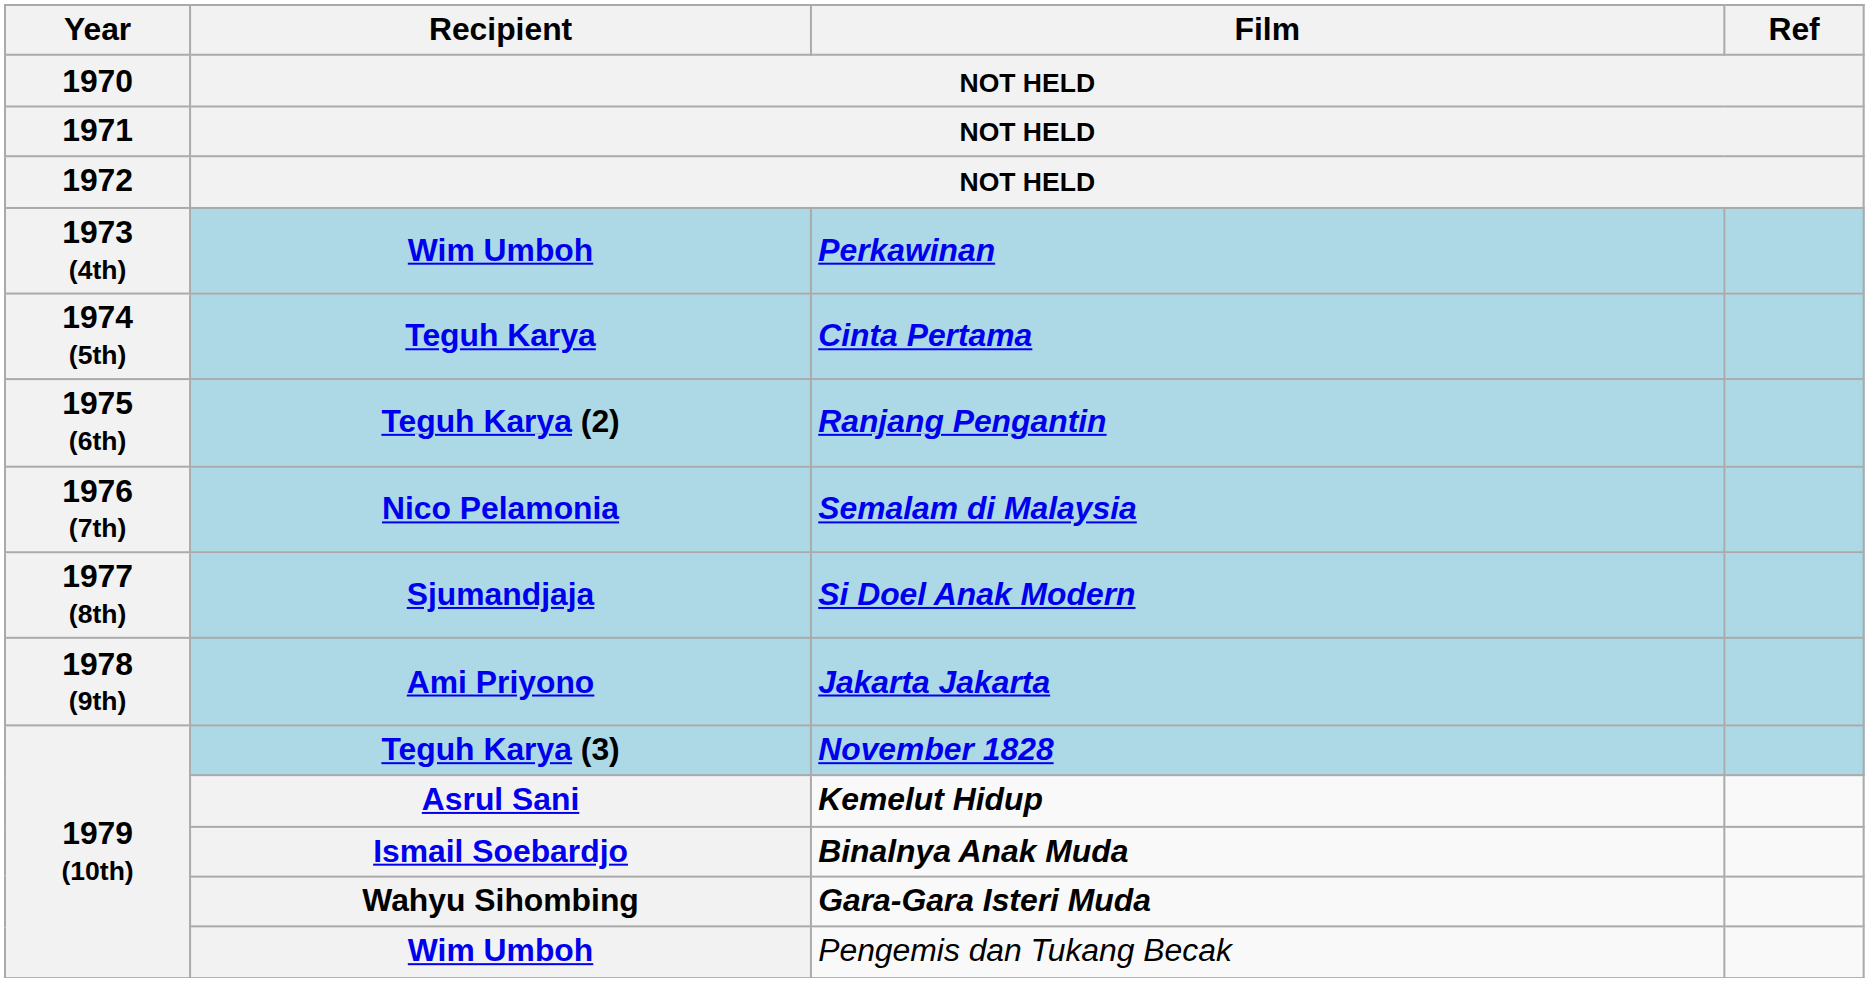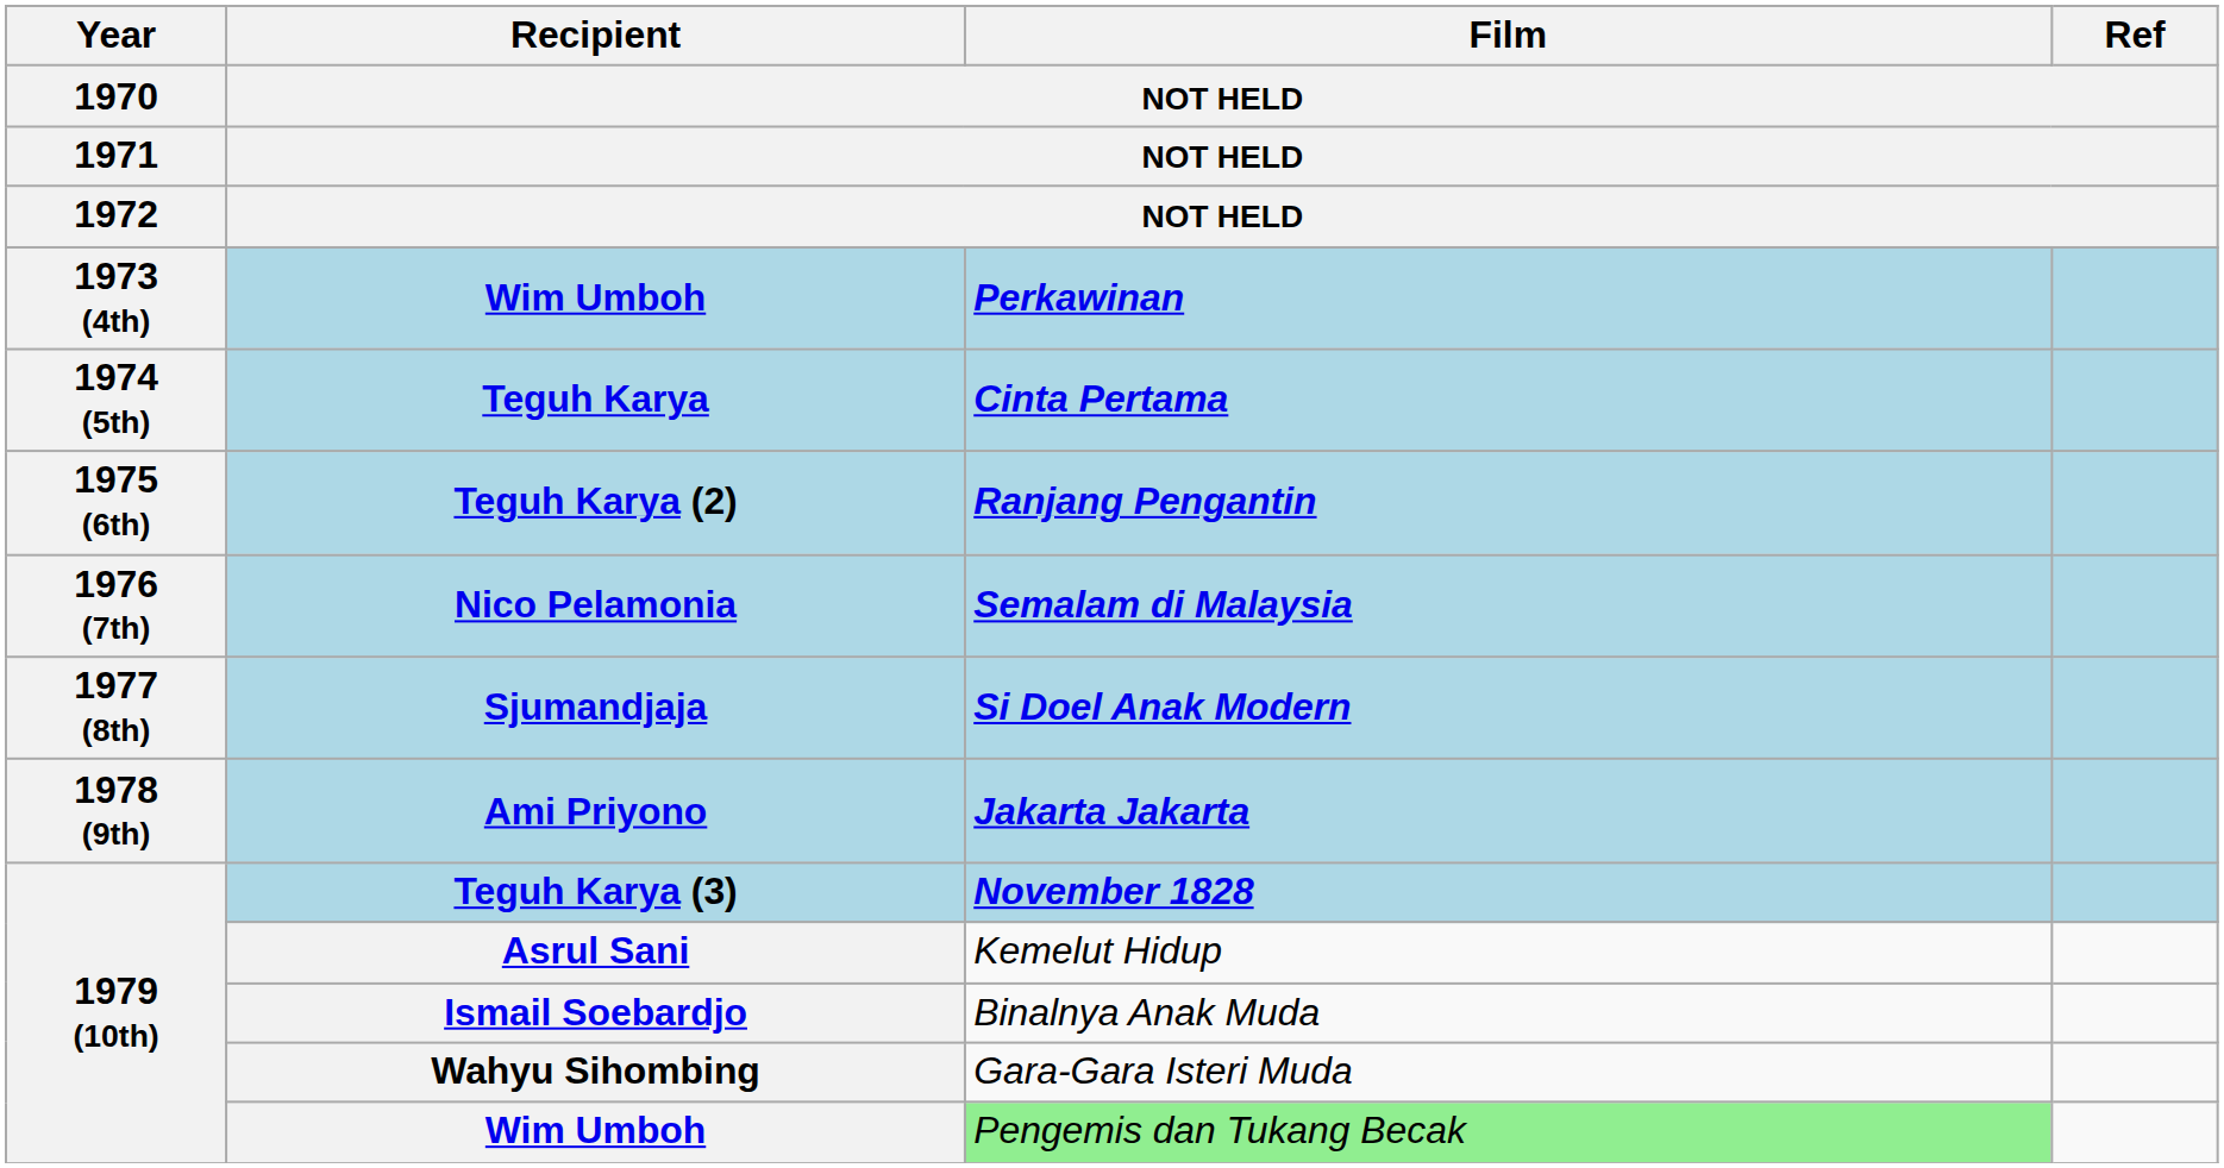 <table class="wikitable plainrowheaders sortable" style="width: 74%">
 <tr>
 <th scope="col">Year</th>
 <th scope="col">Recipient</th>
 <th scope="col">Film</th>
 <th scope="col" class="unsortable">Ref</th>
 </tr>
 <tr>
 <th scope="row" style="text-align:center;">1970</th>
 <th colspan="3" scope="row"><small>NOT HELD</small></th>
 </tr>
 <tr>
 <th scope="row" style="text-align:center;">1971</th>
 <th colspan="3" scope="row"><small>NOT HELD</small></th>
 </tr>
 <tr>
 <th scope="row" style="text-align:center;">1972</th>
 <th colspan="3" scope="row"><small>NOT HELD</small></th>
 </tr>
 <tr>
 <th scope="row" style="text-align:center;"><strong>1973</strong><br><small>(4th)</small></th>
 <th scope="row" style="background:lightblue;"><strong><a href='#'>Wim Umboh</a></strong></th>
 <td style="background:lightblue;"><strong><em><a href='#'>Perkawinan</a></em></strong></td>
 <td style="background:lightblue;"><strong></strong></td>
 </tr>
 <tr>
 <th scope="row" style="text-align:center;"><strong>1974</strong><br><small>(5th)</small></th>
 <th scope="row" style="background:lightblue;"><strong><a href='#'>Teguh Karya</a></strong></th>
 <td style="background:lightblue;"><em><a href='#'><strong>Cinta Pertama</strong></a></em></td>
 <td style="background:lightblue;"><strong></strong></td>
 </tr>
 <tr>
 <th scope="row" style="text-align:center;"><strong>1975</strong><br><small>(6th)</small></th>
 <th scope="row" style="background:lightblue;"><strong><a href='#'>Teguh Karya</a> (2)</strong></th>
 <td style="background:lightblue;"><strong><em><a href='#'>Ranjang Pengantin</a></em></strong></td>
 <td style="background:lightblue;"><strong></strong></td>
 </tr>
 <tr>
 <th scope="row" style="text-align:center;"><strong>1976</strong><br><small>(7th)</small></th>
 <th scope="row" style="background:lightblue;"><strong><a href='#'>Nico Pelamonia</a></strong></th>
 <td style="background:lightblue;"><strong><em><a href='#'>Semalam di Malaysia</a></em></strong></td>
 <td style="background:lightblue;"><strong></strong></td>
 </tr>
 <tr>
 <th scope="row" style="text-align:center;"><strong>1977</strong><br><small>(8th)</small></th>
 <th scope="row" style="background:lightblue;"><strong><a href='#'>Sjumandjaja</a></strong></th>
 <td style="background:lightblue;"><strong><em><a href='#'>Si Doel Anak Modern</a></em></strong></td>
 <td style="background:lightblue;"><strong></strong></td>
 </tr>
 <tr>
 <th scope="row" style="text-align:center;"><strong>1978</strong><br><small>(9th)</small></th>
 <th scope="row" style="background:lightblue;"><strong><a href='#'>Ami Priyono</a></strong></th>
 <td style="background:lightblue;"><strong><em><a href='#'>Jakarta Jakarta</a></em></strong></td>
 <td style="background:lightblue;"><strong></strong></td>
 </tr>
 <tr>
 <th scope="row" rowspan="5" style="text-align:center;"><strong>1979</strong><br><small>(10th)</small></th>
 <th scope="row" style="background:lightblue;"><strong><a href='#'>Teguh Karya</a> (3)</strong></th>
 <td style="background:lightblue;"><strong><em><a href='#'>November 1828</a></em></strong></td>
 <td style="background:lightblue;"><strong></strong></td>
 </tr>
 <tr>
 <th scope="row"><a href='#'>Asrul Sani</a></th>
-<td><strong><em>Kemelut Hidup</em></strong></td>
+<td><em>Kemelut Hidup</em></td>
 <td></td>
 </tr>
 <tr>
 <th scope="row"><a href='#'>Ismail Soebardjo</a></th>
-<td><strong><em>Binalnya Anak Muda</em></strong></td>
+<td><em>Binalnya Anak Muda</em></td>
 <td></td>
 </tr>
 <tr>
 <th scope="row">Wahyu Sihombing</th>
-<td><strong><em>Gara-Gara Isteri Muda</em></strong></td>
+<td><em>Gara-Gara Isteri Muda</em></td>
 <td></td>
 </tr>
 <tr>
 <th scope="row"><a href='#'>Wim Umboh</a></th>
-<td><em>Pengemis dan Tukang Becak</em></td>
+<td style="background: lightgreen;"><em>Pengemis dan Tukang Becak</em></td>
 <td></td>
 </tr>
 </table>
